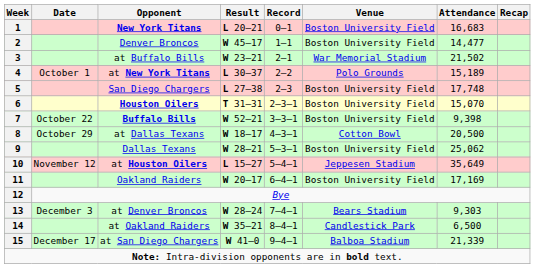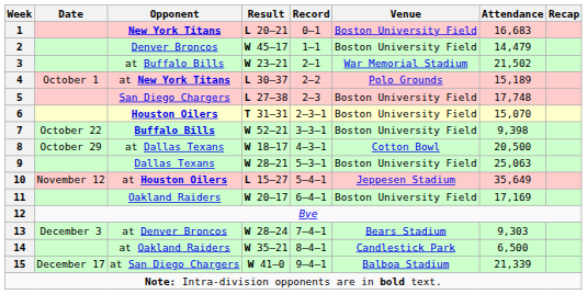 <table class="wikitable" style="text-align:center">
 <tr>
 <th>Week</th>
 <th>Date</th>
 <th>Opponent</th>
 <th>Result</th>
 <th>Record</th>
 <th>Venue</th>
 <th>Attendance</th>
 <th>Recap</th>
 </tr>
 <tr style="background:#fcc">
 <th>1</th>
 <td></td>
 <td><strong><a href='#'>New York Titans</a></strong></td>
 <td><strong>L</strong> 20–21</td>
 <td>0–1</td>
 <td><a href='#'>Boston University Field</a></td>
 <td>16,683</td>
 <td></td>
 </tr>
 <tr style="background:#cfc">
 <th>2</th>
 <td></td>
 <td><a href='#'>Denver Broncos</a></td>
 <td><strong>W</strong> 45–17</td>
 <td>1–1</td>
 <td>Boston University Field</td>
-<td>14,477</td>
+<td>14,479</td>
 <td></td>
 </tr>
 <tr style="background:#cfc">
 <th>3</th>
 <td></td>
 <td>at <a href='#'>Buffalo Bills</a></td>
 <td><strong>W</strong> 23–21</td>
 <td>2–1</td>
 <td><a href='#'>War Memorial Stadium</a></td>
 <td>21,502</td>
 <td></td>
 </tr>
 <tr style="background: #fcc;">
 <th>4</th>
 <td>October 1</td>
 <td>at <strong><a href='#'>New York Titans</a></strong></td>
 <td><strong>L</strong> 30–37</td>
 <td>2–2</td>
 <td><a href='#'>Polo Grounds</a></td>
 <td>15,189</td>
 <td></td>
 </tr>
 <tr style="background:#fcc">
 <th>5</th>
 <td></td>
 <td><a href='#'>San Diego Chargers</a></td>
 <td><strong>L</strong>  27–38</td>
 <td>2–3</td>
 <td>Boston University Field</td>
 <td>17,748</td>
 <td></td>
 </tr>
 <tr style="background:#ffc">
 <th>6</th>
 <td></td>
 <td><strong><a href='#'>Houston Oilers</a></strong></td>
 <td><strong>T</strong> 31–31</td>
 <td>2–3–1</td>
 <td>Boston University Field</td>
 <td>15,070</td>
 <td></td>
 </tr>
 <tr style="background:#cfc">
 <th>7</th>
 <td>October 22</td>
 <td><strong><a href='#'>Buffalo Bills</a></strong></td>
 <td><strong>W</strong> 52–21</td>
 <td>3–3–1</td>
 <td>Boston University Field</td>
 <td>9,398</td>
 <td></td>
 </tr>
 <tr style="background:#cfc">
 <th>8</th>
 <td>October 29</td>
 <td>at <a href='#'>Dallas Texans</a></td>
 <td><strong>W</strong> 18–17</td>
 <td>4–3–1</td>
 <td><a href='#'>Cotton Bowl</a></td>
 <td>20,500</td>
 <td></td>
 </tr>
 <tr style="background:#cfc">
 <th>9</th>
 <td></td>
 <td><a href='#'>Dallas Texans</a></td>
 <td><strong>W</strong> 28–21</td>
 <td>5–3–1</td>
 <td>Boston University Field</td>
-<td>25,062</td>
+<td>25,063</td>
 <td></td>
 </tr>
 <tr style="background:#fcc">
 <th>10</th>
 <td>November 12</td>
 <td>at <strong><a href='#'>Houston Oilers</a></strong></td>
 <td><strong>L</strong> 15–27</td>
 <td>5–4–1</td>
 <td><a href='#'>Jeppesen Stadium</a></td>
 <td>35,649</td>
 <td></td>
 </tr>
 <tr style="background:#cfc">
 <th>11</th>
 <td></td>
 <td><a href='#'>Oakland Raiders</a></td>
 <td><strong>W</strong> 20–17</td>
 <td>6–4–1</td>
 <td>Boston University Field</td>
 <td>17,169</td>
 <td></td>
 </tr>
 <tr>
 <th>12</th>
 <td colspan="7" style="text-align:center;"><em><a href='#'>Bye</a></em></td>
 </tr>
 <tr style="background: #cfc">
 <th>13</th>
 <td>December 3</td>
 <td>at <a href='#'>Denver Broncos</a></td>
 <td><strong>W</strong> 28–24</td>
 <td>7–4–1</td>
 <td><a href='#'>Bears Stadium</a></td>
 <td>9,303</td>
 <td></td>
 </tr>
 <tr style="background: #cfc">
 <th>14</th>
 <td></td>
 <td>at <a href='#'>Oakland Raiders</a></td>
 <td><strong>W</strong> 35–21</td>
 <td>8–4–1</td>
 <td><a href='#'>Candlestick Park</a></td>
 <td>6,500</td>
 <td></td>
 </tr>
 <tr style="background:#cfc">
 <th>15</th>
 <td>December 17</td>
 <td>at <a href='#'>San Diego Chargers</a></td>
 <td><strong>W</strong> 41–0</td>
 <td>9–4–1</td>
 <td><a href='#'>Balboa Stadium</a></td>
 <td>21,339</td>
 <td></td>
 </tr>
 <tr>
 <td colspan="8"><strong>Note:</strong> Intra-division opponents are in <strong>bold</strong> text.</td>
 </tr>
 </table>
